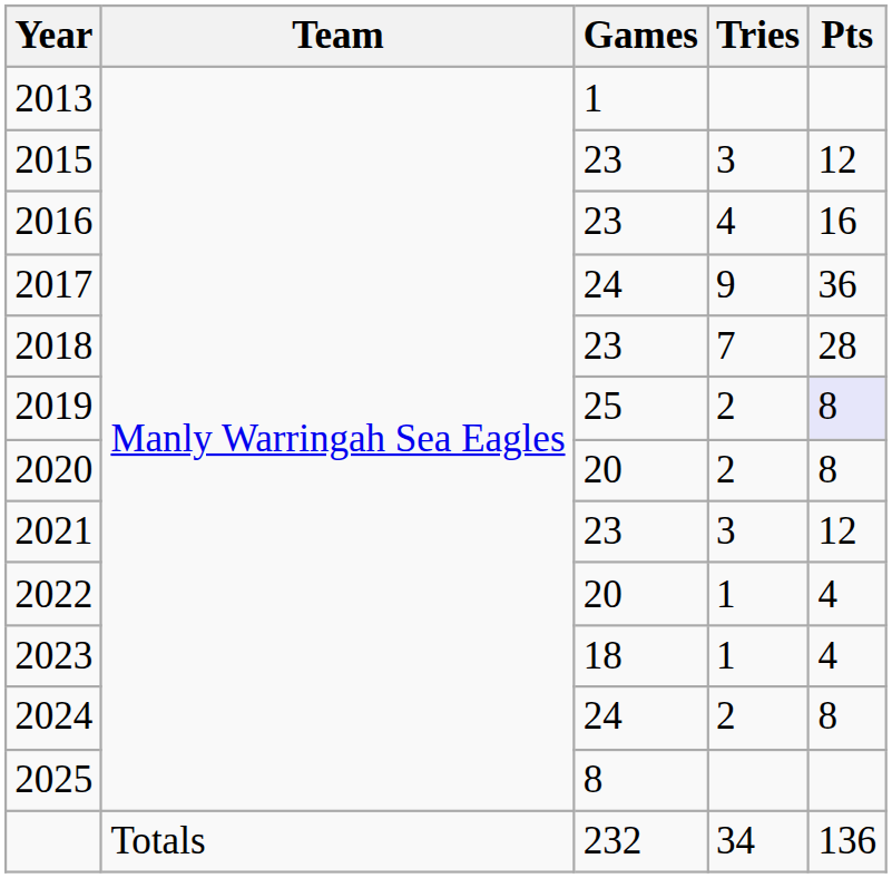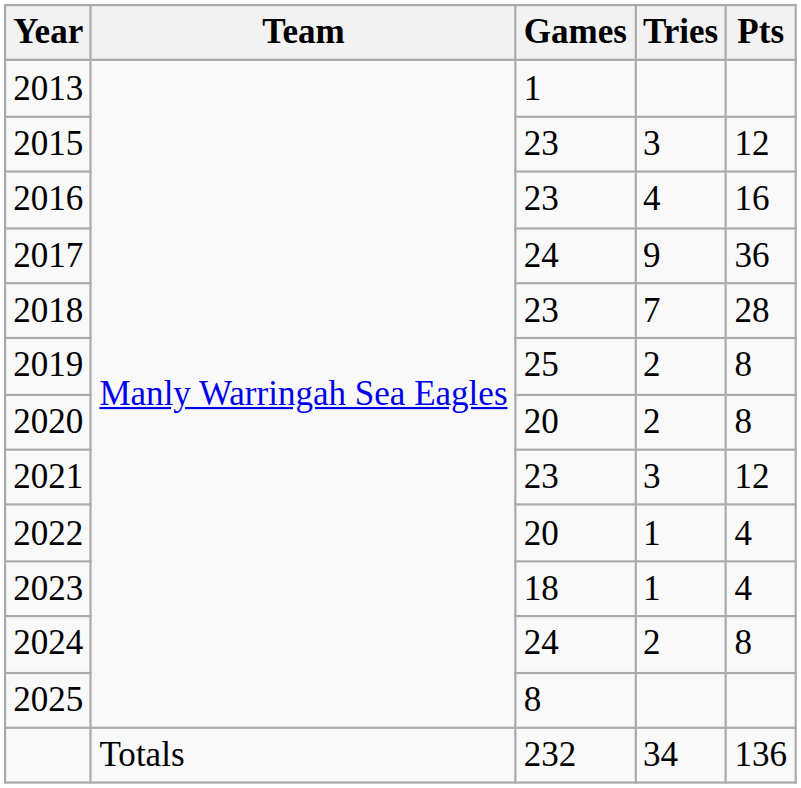 <table class="wikitable">
 <tr>
 <th>Year</th>
 <th>Team</th>
 <th>Games</th>
 <th>Tries</th>
 <th>Pts</th>
 </tr>
 <tr>
 <td>2013</td>
 <td rowspan="12"> <a href='#'>Manly Warringah Sea Eagles</a></td>
 <td>1</td>
 <td></td>
 <td></td>
 </tr>
 <tr>
 <td>2015</td>
 <td>23</td>
 <td>3</td>
 <td>12</td>
 </tr>
 <tr>
 <td>2016</td>
 <td>23</td>
 <td>4</td>
 <td>16</td>
 </tr>
 <tr>
 <td>2017</td>
 <td>24</td>
 <td>9</td>
 <td>36</td>
 </tr>
 <tr>
 <td>2018</td>
 <td>23</td>
 <td>7</td>
 <td>28</td>
 </tr>
 <tr>
 <td>2019</td>
 <td>25</td>
 <td>2</td>
-<td style="background: lavender;">8</td>
+<td>8</td>
 </tr>
 <tr>
 <td>2020</td>
 <td>20</td>
 <td>2</td>
 <td>8</td>
 </tr>
 <tr>
 <td>2021</td>
 <td>23</td>
 <td>3</td>
 <td>12</td>
 </tr>
 <tr>
 <td>2022</td>
 <td>20</td>
 <td>1</td>
 <td>4</td>
 </tr>
 <tr>
 <td>2023</td>
 <td>18</td>
 <td>1</td>
 <td>4</td>
 </tr>
 <tr>
 <td>2024</td>
 <td>24</td>
 <td>2</td>
 <td>8</td>
 </tr>
 <tr>
 <td>2025</td>
 <td>8</td>
 <td></td>
 <td></td>
 </tr>
 <tr>
 <td></td>
 <td>Totals</td>
 <td>232</td>
 <td>34</td>
 <td>136</td>
 </tr>
 </table>
